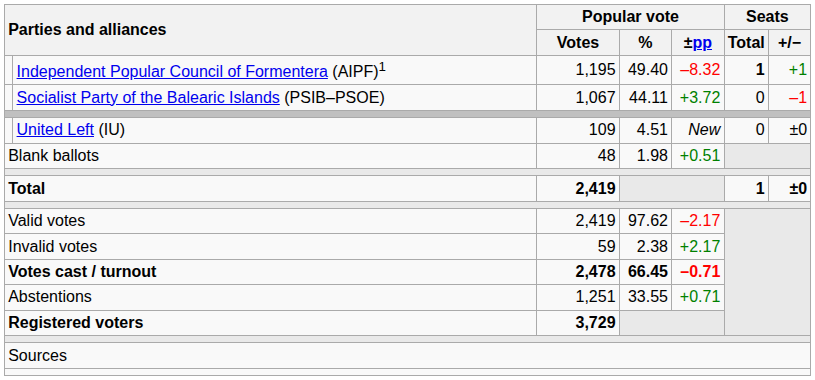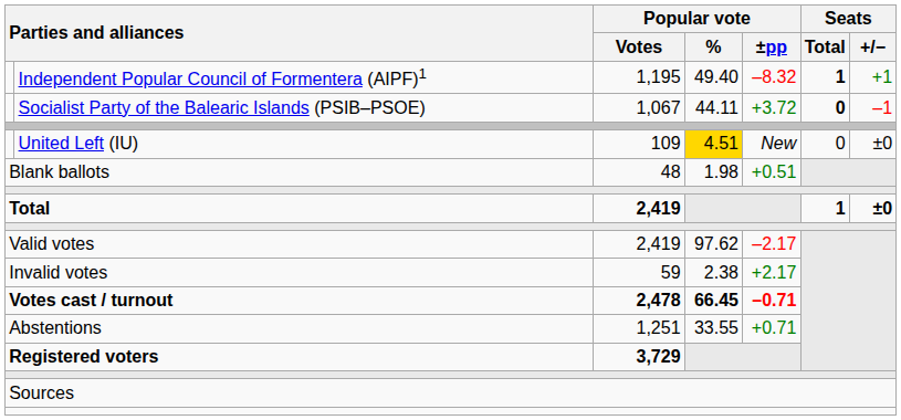 <table class="wikitable" style="text-align:right;">
 <tr>
 <th style="text-align:left;" rowspan="2" colspan="2" width="525">Parties and alliances</th>
 <th colspan="3">Popular vote</th>
 <th colspan="2">Seats</th>
 </tr>
 <tr>
 <th width="75">Votes</th>
 <th width="45">%</th>
 <th width="45">±<a href='#'>pp</a></th>
 <th width="35">Total</th>
 <th width="35">+/−</th>
 </tr>
 <tr>
 <td width="1" style="color:inherit;background:"></td>
 <td align="left"><a href='#'>Independent Popular Council of Formentera</a> (AIPF)<sup>1</sup></td>
 <td>1,195</td>
 <td>49.40</td>
 <td style="color:red;">–8.32</td>
 <td><strong>1</strong></td>
 <td style="color:green;">+1</td>
 </tr>
 <tr>
 <td style="color:inherit;background:"></td>
 <td align="left"><a href='#'>Socialist Party of the Balearic Islands</a> (PSIB–PSOE)</td>
 <td>1,067</td>
 <td>44.11</td>
 <td style="color:green;">+3.72</td>
-<td>0</td>
+<td><strong>0</strong></td>
 <td style="color:red;">–1</td>
 </tr>
 <tr>
 <td colspan="7" bgcolor="#C0C0C0"></td>
 </tr>
 <tr>
 <td style="color:inherit;background:"></td>
 <td align="left"><a href='#'>United Left</a> (IU)</td>
 <td>109</td>
-<td>4.51</td>
+<td style="background: gold;">4.51</td>
 <td><em>New</em></td>
 <td>0</td>
 <td>±0</td>
 </tr>
 <tr>
 <td align="left" colspan="2">Blank ballots</td>
 <td>48</td>
 <td>1.98</td>
 <td style="color:green;">+0.51</td>
 <td bgcolor="#E9E9E9" colspan="2"></td>
 </tr>
 <tr>
 <td colspan="7" bgcolor="#E9E9E9"></td>
 </tr>
 <tr style="font-weight:bold;">
 <td align="left" colspan="2">Total</td>
 <td>2,419</td>
 <td bgcolor="#E9E9E9" colspan="2"></td>
 <td>1</td>
 <td>±0</td>
 </tr>
 <tr>
 <td colspan="7" bgcolor="#E9E9E9"></td>
 </tr>
 <tr>
 <td align="left" colspan="2">Valid votes</td>
 <td>2,419</td>
 <td>97.62</td>
 <td style="color:red;">–2.17</td>
 <td bgcolor="#E9E9E9" colspan="2" rowspan="5"></td>
 </tr>
 <tr>
 <td align="left" colspan="2">Invalid votes</td>
 <td>59</td>
 <td>2.38</td>
 <td style="color:green;">+2.17</td>
 </tr>
 <tr style="font-weight:bold;">
 <td align="left" colspan="2">Votes cast / turnout</td>
 <td>2,478</td>
 <td>66.45</td>
 <td style="color:red;">–0.71</td>
 </tr>
 <tr>
 <td align="left" colspan="2">Abstentions</td>
 <td>1,251</td>
 <td>33.55</td>
 <td style="color:green;">+0.71</td>
 </tr>
 <tr style="font-weight:bold;">
 <td align="left" colspan="2">Registered voters</td>
 <td>3,729</td>
 <td bgcolor="#E9E9E9" colspan="2"></td>
 </tr>
 <tr>
 <td colspan="7" bgcolor="#E9E9E9"></td>
 </tr>
 <tr>
 <td align="left" colspan="7">Sources</td>
 </tr>
 <tr>
 <td colspan="7" style="text-align:left; max-width:790px;"></td>
 </tr>
 </table>
